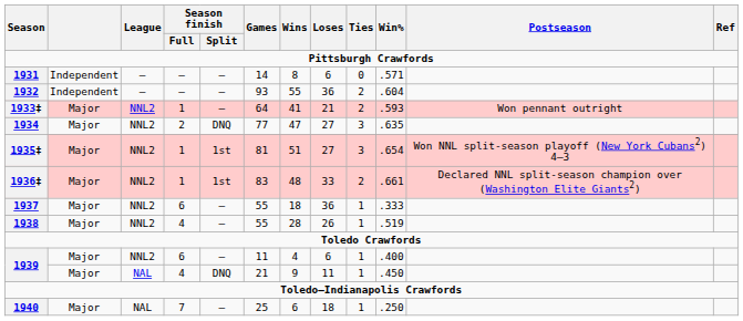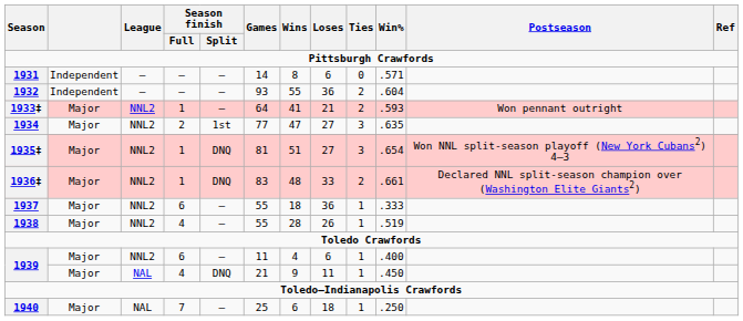 <table class="wikitable sortable" style="text-align:center; font-size:95%">
 <tr>
 <th rowspan="2">Season</th>
 <th rowspan="2"></th>
 <th rowspan="2">League</th>
 <th colspan="2">Season finish</th>
 <th rowspan="2">Games</th>
 <th rowspan="2">Wins</th>
 <th rowspan="2">Loses</th>
 <th rowspan="2">Ties</th>
 <th rowspan="2">Win%</th>
 <th rowspan="2"><a href='#'>Postseason</a></th>
 <th rowspan="2">Ref</th>
 </tr>
 <tr>
 <th>Full</th>
 <th>Split</th>
 </tr>
 <tr>
 <td align="center" colspan="12"><strong>Pittsburgh Crawfords</strong></td>
 </tr>
 <tr>
 <th scope="row"><a href='#'>1931</a></th>
 <td align="center">Independent</td>
 <td>—</td>
 <td>—</td>
 <td>—</td>
 <td>14</td>
 <td>8</td>
 <td>6</td>
 <td>0</td>
 <td>.571</td>
 <td></td>
 <td></td>
 </tr>
 <tr>
 <th scope="row"><a href='#'>1932</a></th>
 <td>Independent</td>
 <td>—</td>
 <td>—</td>
 <td>—</td>
 <td>93</td>
 <td>55</td>
 <td>36</td>
 <td>2</td>
 <td>.604</td>
 <td></td>
 <td></td>
 </tr>
 <tr bgcolor="#FFCCCC">
 <th scope="row"><a href='#'>1933</a>‡</th>
 <td>Major</td>
 <td><a href='#'>NNL2</a></td>
 <td>1</td>
 <td>—</td>
 <td>64</td>
 <td>41</td>
 <td>21</td>
 <td>2</td>
 <td>.593</td>
 <td>Won pennant outright</td>
 <td></td>
 </tr>
 <tr>
 <th scope="row"><a href='#'>1934</a></th>
 <td>Major</td>
 <td>NNL2</td>
 <td>2</td>
-<td>DNQ</td>
+<td>1st</td>
 <td>77</td>
 <td>47</td>
 <td>27</td>
 <td>3</td>
 <td>.635</td>
 <td></td>
 <td></td>
 </tr>
 <tr bgcolor="#FFCCCC">
 <th scope="row"><a href='#'>1935</a>‡</th>
 <td>Major</td>
 <td>NNL2</td>
 <td>1</td>
-<td>1st</td>
+<td>DNQ</td>
 <td>81</td>
 <td>51</td>
 <td>27</td>
 <td>3</td>
 <td>.654</td>
 <td>Won NNL split-season playoff (<a href='#'>New York Cubans</a><sup>2</sup>) 4–3</td>
 <td></td>
 </tr>
 <tr bgcolor="#FFCCCC">
 <th scope="row"><a href='#'>1936</a>‡</th>
 <td>Major</td>
 <td>NNL2</td>
 <td>1</td>
-<td>1st</td>
+<td>DNQ</td>
 <td>83</td>
 <td>48</td>
 <td>33</td>
 <td>2</td>
 <td>.661</td>
 <td>Declared NNL split-season champion over (<a href='#'>Washington Elite Giants</a><sup>2</sup>)</td>
 <td></td>
 </tr>
 <tr>
 <th scope="row"><a href='#'>1937</a></th>
 <td>Major</td>
 <td>NNL2</td>
 <td>6</td>
 <td>—</td>
 <td>55</td>
 <td>18</td>
 <td>36</td>
 <td>1</td>
 <td>.333</td>
 <td></td>
 <td></td>
 </tr>
 <tr>
 <th scope="row"><a href='#'>1938</a></th>
 <td>Major</td>
 <td>NNL2</td>
 <td>4</td>
 <td>—</td>
 <td>55</td>
 <td>28</td>
 <td>26</td>
 <td>1</td>
 <td>.519</td>
 <td></td>
 <td></td>
 </tr>
 <tr>
 <td align="center" colspan="12"><strong>Toledo Crawfords</strong></td>
 </tr>
 <tr>
 <th scope="row" rowspan="2"><a href='#'>1939</a></th>
 <td>Major</td>
 <td>NNL2</td>
 <td>6</td>
 <td>—</td>
 <td>11</td>
 <td>4</td>
 <td>6</td>
 <td>1</td>
 <td>.400</td>
 <td></td>
 <td></td>
 </tr>
 <tr>
 <td>Major</td>
 <td><a href='#'>NAL</a></td>
 <td>4</td>
 <td>DNQ</td>
 <td>21</td>
 <td>9</td>
 <td>11</td>
 <td>1</td>
 <td>.450</td>
 <td></td>
 <td></td>
 </tr>
 <tr>
 <td align="center" colspan="12"><strong>Toledo–Indianapolis Crawfords</strong></td>
 </tr>
 <tr>
 <th scope="row"><a href='#'>1940</a></th>
 <td>Major</td>
 <td>NAL</td>
 <td>7</td>
 <td>—</td>
 <td>25</td>
 <td>6</td>
 <td>18</td>
 <td>1</td>
 <td>.250</td>
 <td></td>
 <td></td>
 </tr>
 </table>
